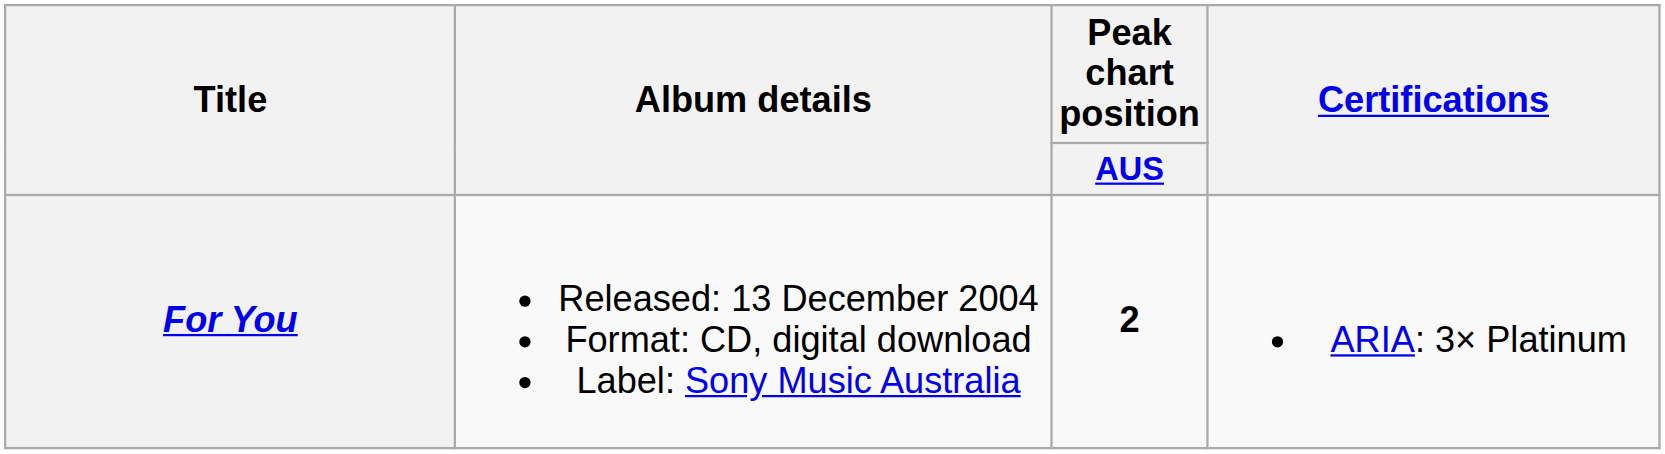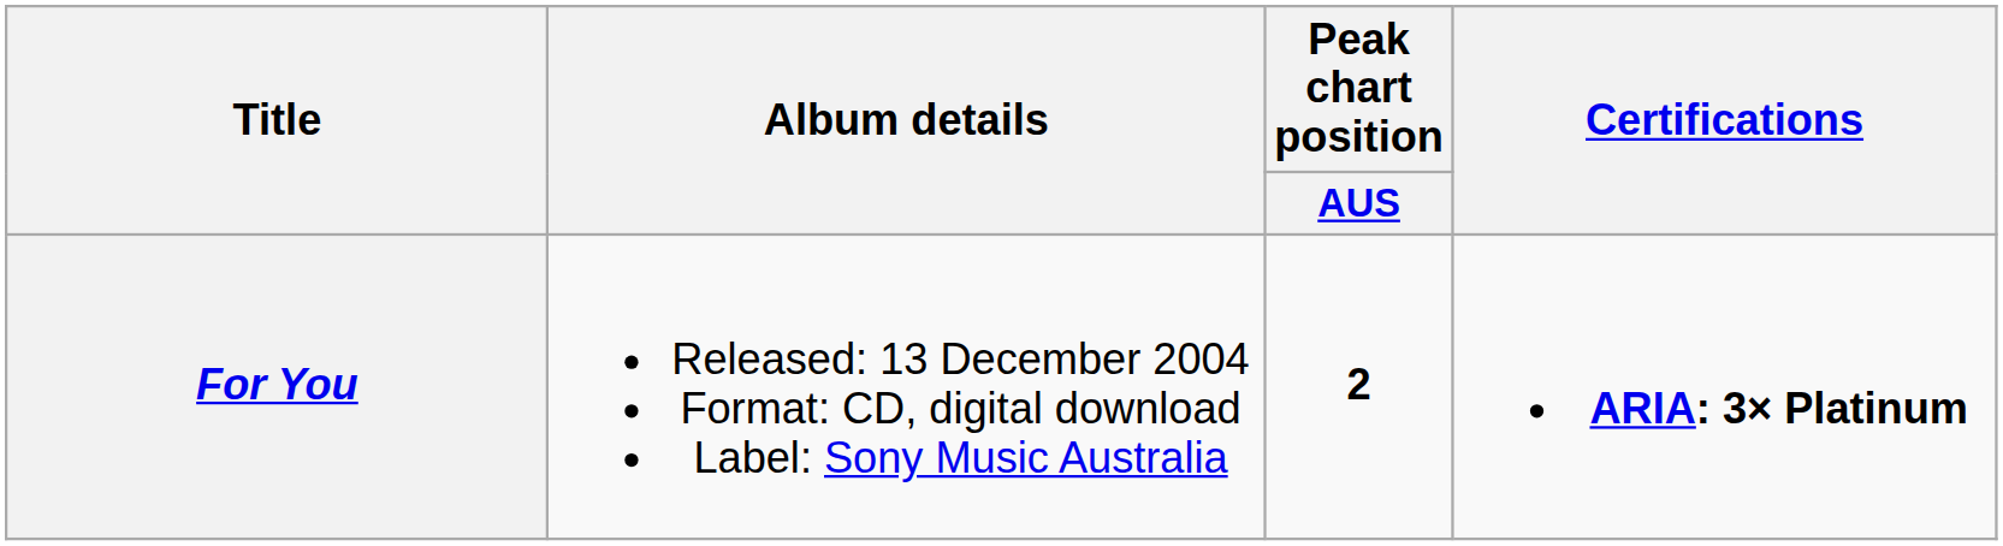 <table class="wikitable plainrowheaders" style="text-align:center;" border="1">
 <tr>
 <th scope="col" rowspan="2" style="width:12em;">Title</th>
 <th scope="col" rowspan="2" style="width:16em;">Album details</th>
 <th scope="col">Peak chart<br>position</th>
 <th scope="col" rowspan="2" style="width:12em;"><a href='#'>Certifications</a></th>
 </tr>
 <tr>
 <th style="width:3em; font-size:90%"><a href='#'>AUS</a><br></th>
 </tr>
 <tr>
 <th scope="row"><em><a href='#'>For You</a></em></th>
 <td><br><ul><li>Released: 13 December 2004</li><li>Format: CD, digital download</li><li>Label: <a href='#'>Sony Music Australia</a></li></ul></td>
 <td align="center"><strong>2</strong></td>
-<td align="center"><br><ul><li><a href='#'>ARIA</a>: 3× Platinum</li></ul></td>
+<td align="center"><strong><br><ul><li><a href='#'>ARIA</a>: 3× Platinum</li></ul></strong></td>
 </tr>
 </table>
